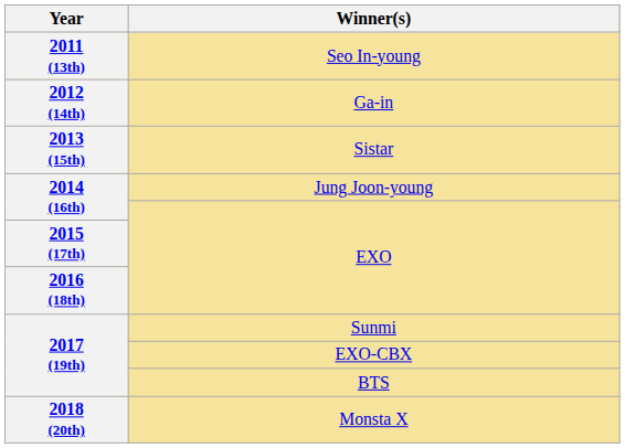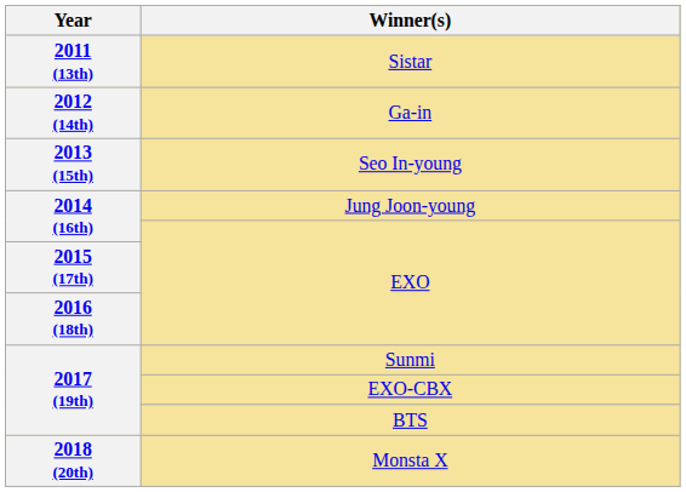 <table class="wikitable" rowspan=2 style="text-align: center; width:45%; background: #f6e39c">
 <tr style="background:#bebebe;">
 <th scope="col" style="width:20%;">Year</th>
 <th scope="col" style="width:80%;">Winner(s)</th>
 </tr>
 <tr>
 <th scope="row" style="text-align:center"><a href='#'>2011<br><small>(13th)</small></a></th>
-<td><a href='#'>Seo In-young</a></td>
+<td><a href='#'>Sistar</a></td>
 </tr>
 <tr>
 <th scope="row" style="text-align:center"><a href='#'>2012<br><small>(14th)</small></a></th>
 <td><a href='#'>Ga-in</a></td>
 </tr>
 <tr>
 <th scope="row" style="text-align:center"><a href='#'>2013<br><small>(15th)</small></a></th>
-<td><a href='#'>Sistar</a></td>
+<td><a href='#'>Seo In-young</a></td>
 </tr>
 <tr>
 <th scope="row" style="text-align:center" rowspan=2><a href='#'>2014<br><small>(16th)</small></a></th>
 <td><a href='#'>Jung Joon-young</a></td>
 </tr>
 <tr>
 <td rowspan="3"><a href='#'>EXO</a></td>
 </tr>
 <tr>
 <th scope="row" style="text-align:center"><a href='#'>2015<br><small>(17th)</small></a></th>
 </tr>
 <tr>
 <th scope="row" style="text-align:center"><a href='#'>2016<br><small>(18th)</small></a></th>
 </tr>
 <tr>
 <th scope="row" style="text-align:center" rowspan=3><a href='#'>2017<br><small>(19th)</small></a></th>
 <td><a href='#'>Sunmi</a></td>
 </tr>
 <tr>
 <td><a href='#'>EXO-CBX</a></td>
 </tr>
 <tr>
 <td><a href='#'>BTS</a></td>
 </tr>
 <tr>
 <th scope="row" style="text-align:center"><a href='#'>2018<br><small>(20th)</small></a></th>
 <td><a href='#'>Monsta X</a></td>
 </tr>
 </table>
